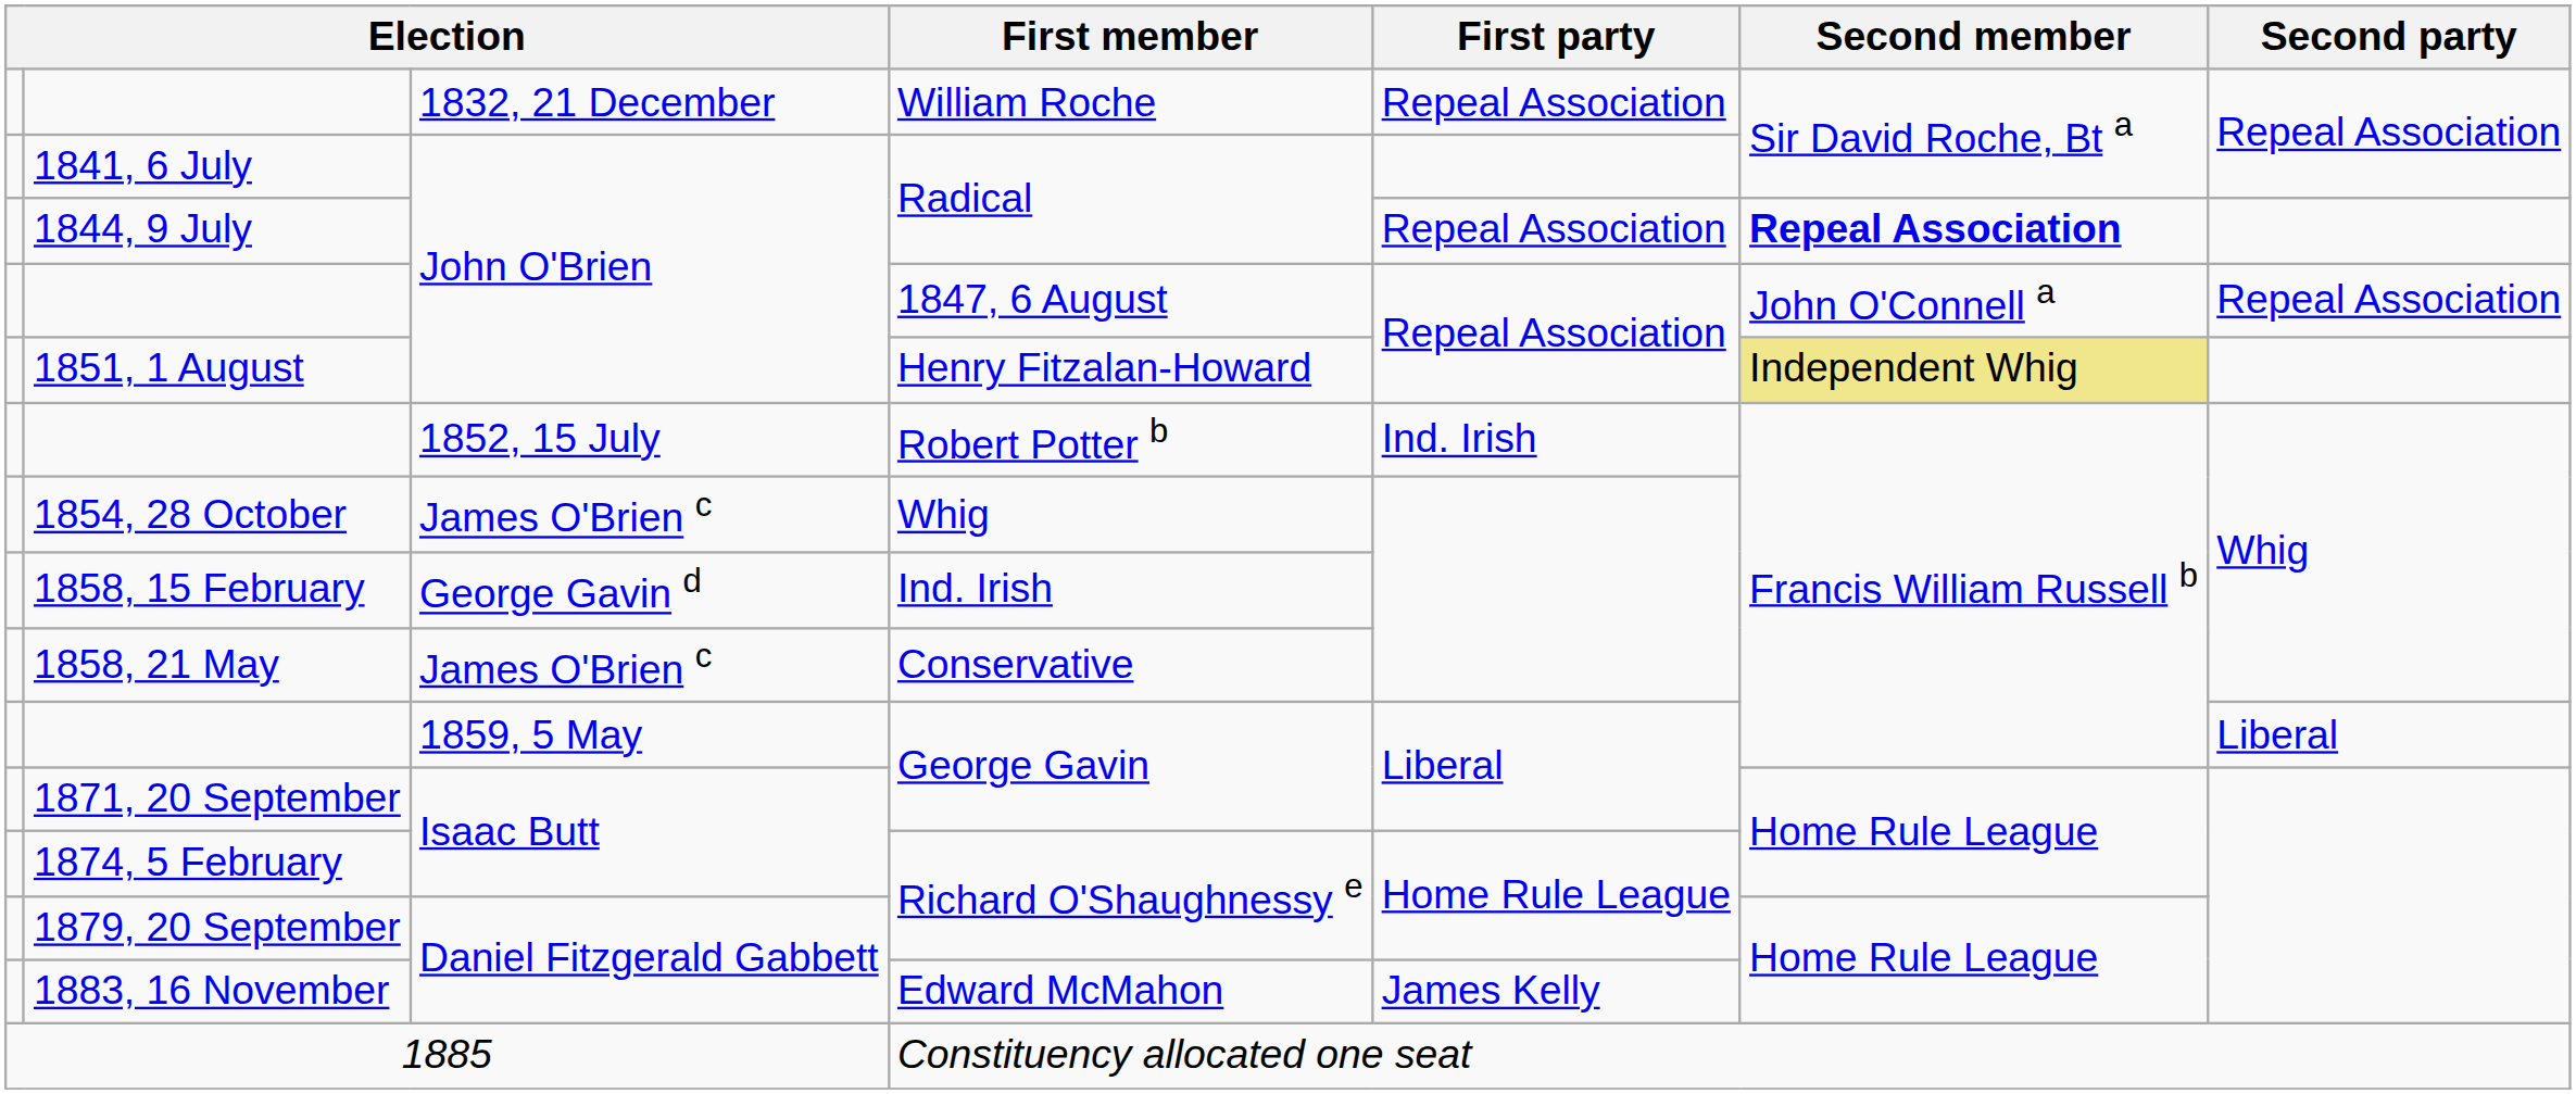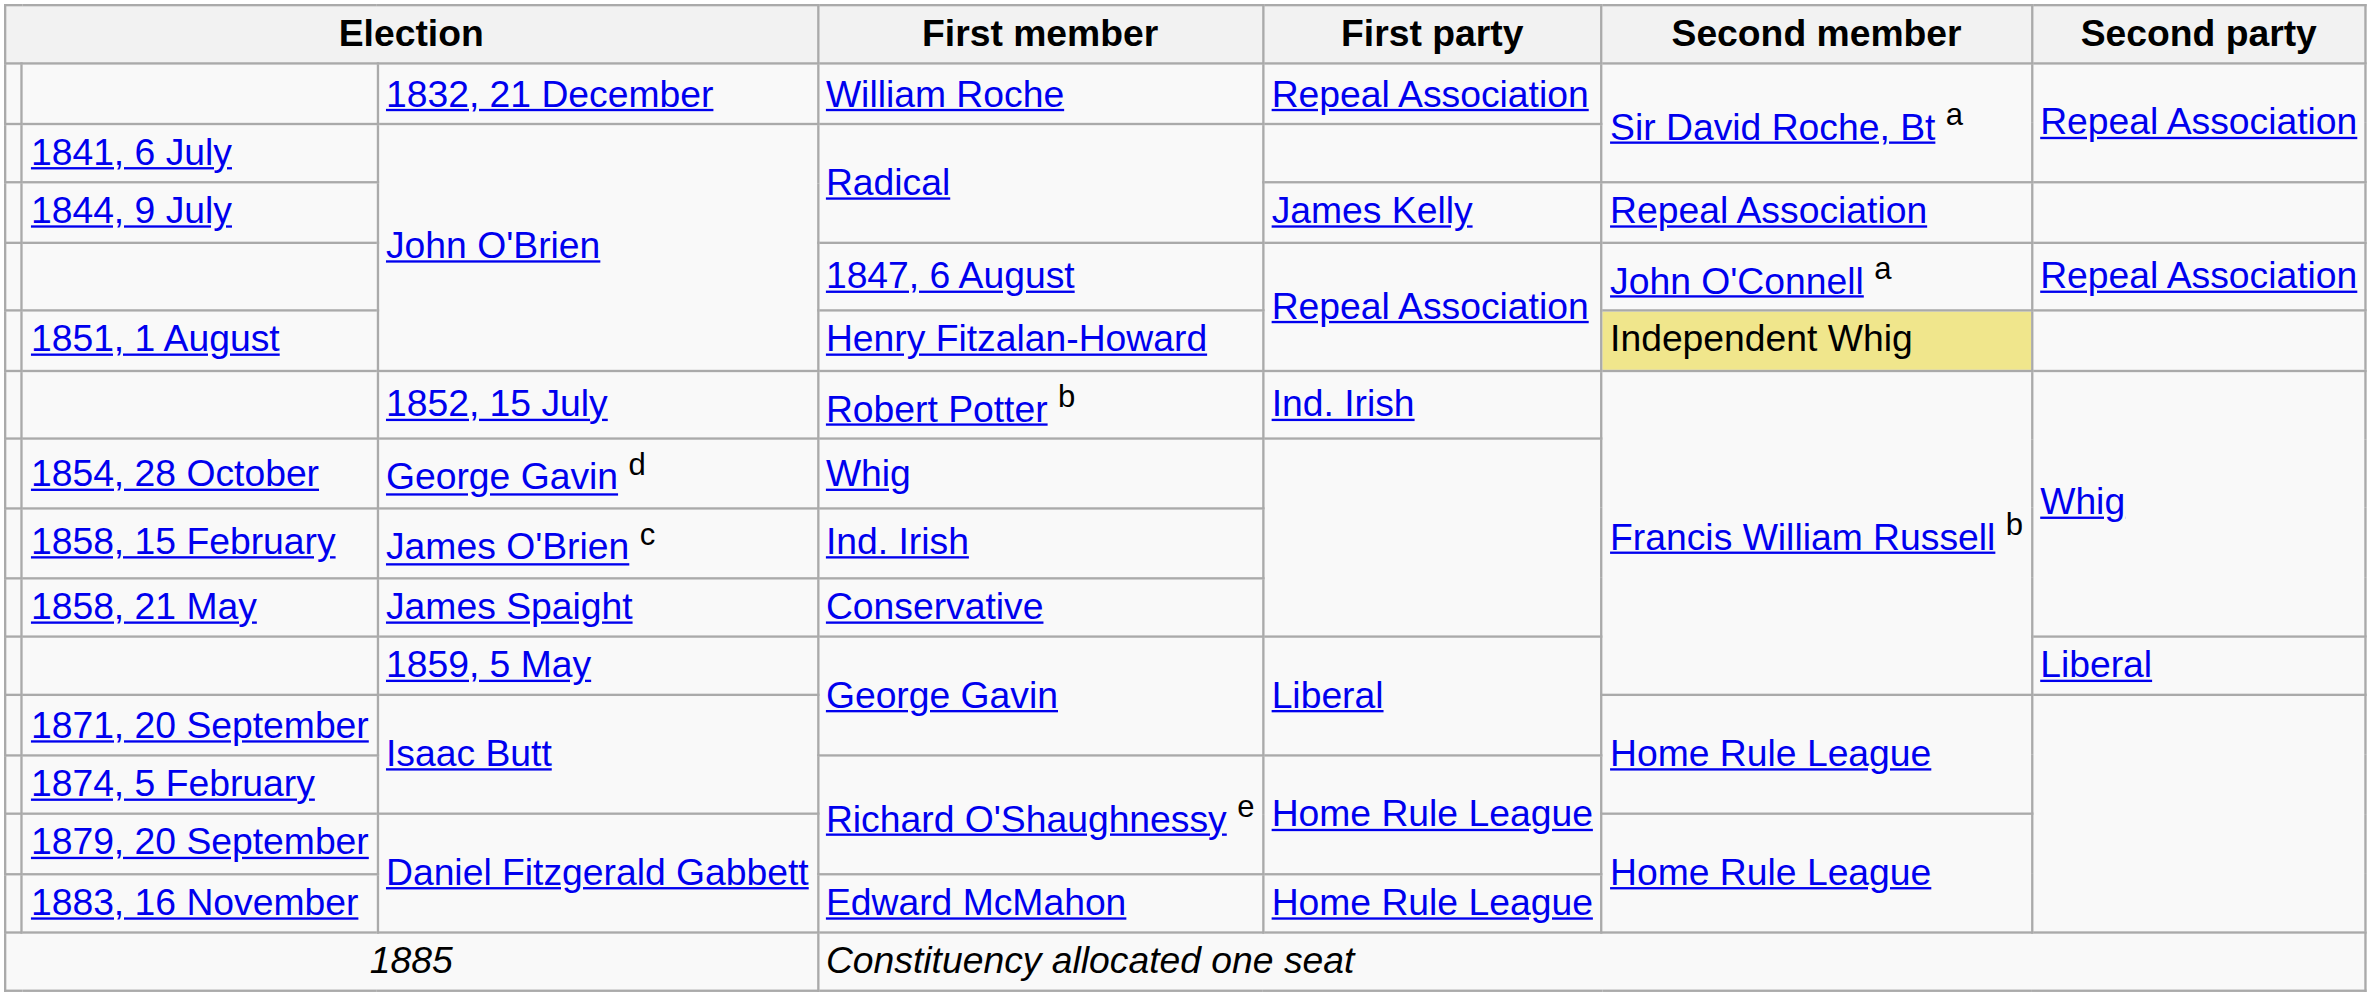 <table class="wikitable">
 <tr>
 <th colspan="3">Election</th>
 <th>First member</th>
 <th>First party</th>
 <th>Second member</th>
 <th>Second party</th>
 </tr>
 <tr>
 <td style="color:inherit;background-color: "></td>
 <td style="color:inherit;background-color: "></td>
 <td><a href='#'>1832, 21 December</a></td>
 <td><a href='#'>William Roche</a></td>
 <td><a href='#'>Repeal Association</a></td>
 <td rowspan="2"><a href='#'>Sir David Roche, Bt</a> <sup>a</sup></td>
 <td rowspan="2"><a href='#'>Repeal Association</a></td>
 </tr>
 <tr>
 <td style="color:inherit;background-color: "></td>
 <td><a href='#'>1841, 6 July</a></td>
 <td rowspan="4"><a href='#'>John O'Brien</a></td>
 <td rowspan="2"><a href='#'>Radical</a></td>
 </tr>
 <tr>
 <td style="color:inherit;background-color: "></td>
 <td><a href='#'>1844, 9 July</a></td>
+<td><a href='#'>James Kelly</a></td>
 <td><a href='#'>Repeal Association</a></td>
-<td><strong><a href='#'>Repeal Association</a></strong></td>
 </tr>
 <tr>
 <td style="color:inherit;background-color: "></td>
 <td style="color:inherit;background-color: "></td>
 <td><a href='#'>1847, 6 August</a></td>
 <td rowspan="2"><a href='#'>Repeal Association</a></td>
 <td><a href='#'>John O'Connell</a> <sup>a</sup></td>
 <td><a href='#'>Repeal Association</a></td>
 </tr>
 <tr>
 <td style="color:inherit;background-color: "></td>
 <td><a href='#'>1851, 1 August</a></td>
 <td><a href='#'>Henry Fitzalan-Howard</a></td>
 <td style="background: khaki;">Independent Whig</td>
 </tr>
 <tr>
 <td style="color:inherit;background-color: "></td>
 <td style="color:inherit;background-color: "></td>
 <td><a href='#'>1852, 15 July</a></td>
 <td><a href='#'>Robert Potter</a> <sup>b</sup></td>
 <td><a href='#'>Ind. Irish</a></td>
 <td rowspan="5"><a href='#'>Francis William Russell</a> <sup>b</sup></td>
 <td rowspan="4"><a href='#'>Whig</a></td>
 </tr>
 <tr>
 <td style="color:inherit;background-color: "></td>
 <td><a href='#'>1854, 28 October</a></td>
-<td><a href='#'>James O'Brien</a> <sup>c</sup></td>
+<td><a href='#'>George Gavin</a> <sup>d</sup></td>
 <td><a href='#'>Whig</a></td>
 </tr>
 <tr>
 <td style="color:inherit;background-color: "></td>
 <td><a href='#'>1858, 15 February</a></td>
-<td><a href='#'>George Gavin</a> <sup>d</sup></td>
+<td><a href='#'>James O'Brien</a> <sup>c</sup></td>
 <td><a href='#'>Ind. Irish</a></td>
 </tr>
 <tr>
 <td style="color:inherit;background-color: "></td>
 <td><a href='#'>1858, 21 May</a></td>
-<td><a href='#'>James O'Brien</a> <sup>c</sup></td>
+<td><a href='#'>James Spaight</a></td>
 <td><a href='#'>Conservative</a></td>
 </tr>
 <tr>
 <td style="color:inherit;background-color: "></td>
 <td style="color:inherit;background-color: "></td>
 <td><a href='#'>1859, 5 May</a></td>
 <td rowspan="2"><a href='#'>George Gavin</a></td>
 <td rowspan="2"><a href='#'>Liberal</a></td>
 <td><a href='#'>Liberal</a></td>
 </tr>
 <tr>
 <td style="color:inherit;background-color: "></td>
 <td><a href='#'>1871, 20 September</a></td>
 <td rowspan="2"><a href='#'>Isaac Butt</a></td>
 <td rowspan="2"><a href='#'>Home Rule League</a></td>
 </tr>
 <tr>
 <td style="color:inherit;background-color: "></td>
 <td><a href='#'>1874, 5 February</a></td>
 <td rowspan="2"><a href='#'>Richard O'Shaughnessy</a> <sup>e</sup></td>
 <td rowspan="2"><a href='#'>Home Rule League</a></td>
 </tr>
 <tr>
 <td style="color:inherit;background-color: "></td>
 <td><a href='#'>1879, 20 September</a></td>
 <td rowspan="2"><a href='#'>Daniel Fitzgerald Gabbett</a></td>
 <td rowspan="2"><a href='#'>Home Rule League</a></td>
 </tr>
 <tr>
 <td style="color:inherit;background-color: "></td>
 <td><a href='#'>1883, 16 November</a></td>
 <td><a href='#'>Edward McMahon</a></td>
-<td><a href='#'>James Kelly</a></td>
+<td><a href='#'>Home Rule League</a></td>
 </tr>
 <tr>
 <td colspan="3" align="center"><em>1885</em></td>
 <td colspan="4"><em>Constituency allocated one seat</em></td>
 </tr>
 </table>
